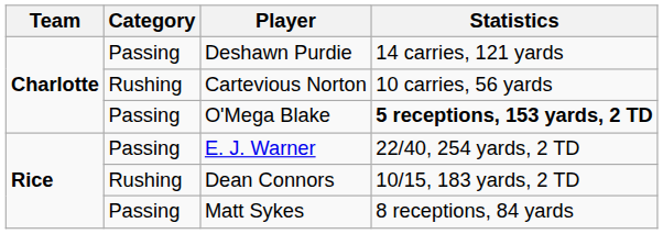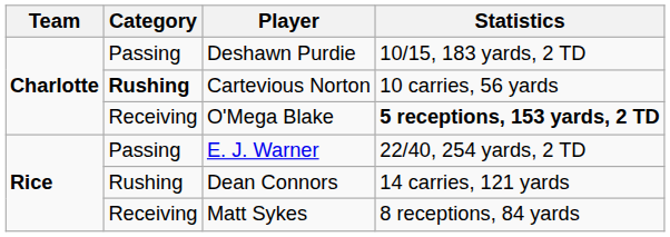 <table class="wikitable" style="float: right;">
 <tr>
 <th>Team</th>
 <th>Category</th>
 <th>Player</th>
 <th>Statistics</th>
 </tr>
 <tr>
 <td rowspan=3><strong>Charlotte</strong></td>
 <td>Passing</td>
 <td>Deshawn Purdie</td>
-<td>14 carries, 121 yards</td>
+<td>10/15, 183 yards, 2 TD</td>
 </tr>
 <tr>
-<td>Rushing</td>
+<td><strong>Rushing</strong></td>
 <td>Cartevious Norton</td>
 <td>10 carries, 56 yards</td>
 </tr>
 <tr>
-<td>Passing</td>
+<td>Receiving</td>
 <td>O'Mega Blake</td>
 <td><strong>5 receptions, 153 yards, 2 TD</strong></td>
 </tr>
 <tr>
 <td rowspan=3><strong>Rice</strong></td>
 <td>Passing</td>
 <td><a href='#'>E. J. Warner</a></td>
 <td>22/40, 254 yards, 2 TD</td>
 </tr>
 <tr>
 <td>Rushing</td>
 <td>Dean Connors</td>
-<td>10/15, 183 yards, 2 TD</td>
+<td>14 carries, 121 yards</td>
 </tr>
 <tr>
-<td>Passing</td>
+<td>Receiving</td>
 <td>Matt Sykes</td>
 <td>8 receptions, 84 yards</td>
 </tr>
 </table>
